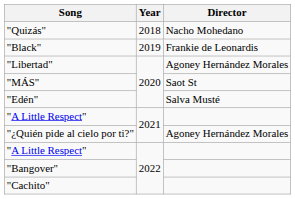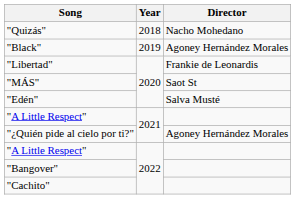 <table class="wikitable">
 <tr>
 <th>Song</th>
 <th>Year</th>
 <th>Director</th>
 </tr>
 <tr>
 <td scope="row">"Quizás"</td>
 <td>2018</td>
 <td>Nacho Mohedano</td>
 </tr>
 <tr>
 <td scope="row">"Black"</td>
 <td>2019</td>
-<td>Frankie de Leonardis</td>
+<td>Agoney Hernández Morales</td>
 </tr>
 <tr>
 <td scope="row">"Libertad"</td>
 <td rowspan="3">2020</td>
-<td>Agoney Hernández Morales</td>
+<td>Frankie de Leonardis</td>
 </tr>
 <tr>
 <td scope="row">"MÁS"</td>
 <td>Saot St</td>
 </tr>
 <tr>
 <td scope="row">"Edén"</td>
 <td>Salva Musté</td>
 </tr>
 <tr>
 <td scope="row">"<a href='#'>A Little Respect</a>"</td>
 <td rowspan="2">2021</td>
 <td></td>
 </tr>
 <tr>
 <td scope="row">"¿Quién pide al cielo por ti?"</td>
 <td>Agoney Hernández Morales</td>
 </tr>
 <tr>
 <td scope="row">"<a href='#'>A Little Respect</a>"</td>
 <td rowspan="3">2022</td>
 <td></td>
 </tr>
 <tr>
 <td scope="row">"Bangover"</td>
 <td></td>
 </tr>
 <tr>
 <td scope="row">"Cachito"</td>
 <td></td>
 </tr>
 </table>
